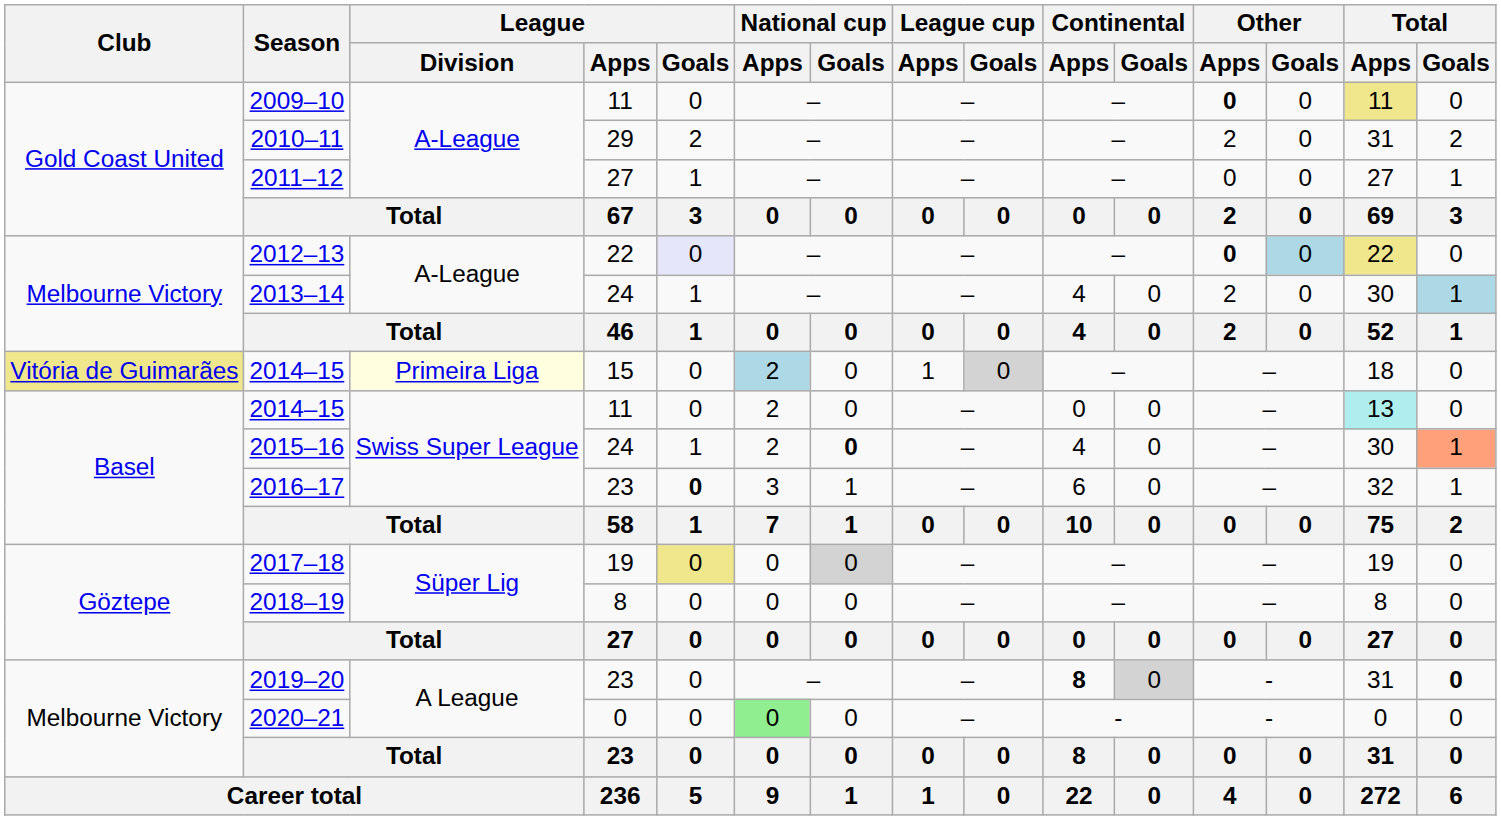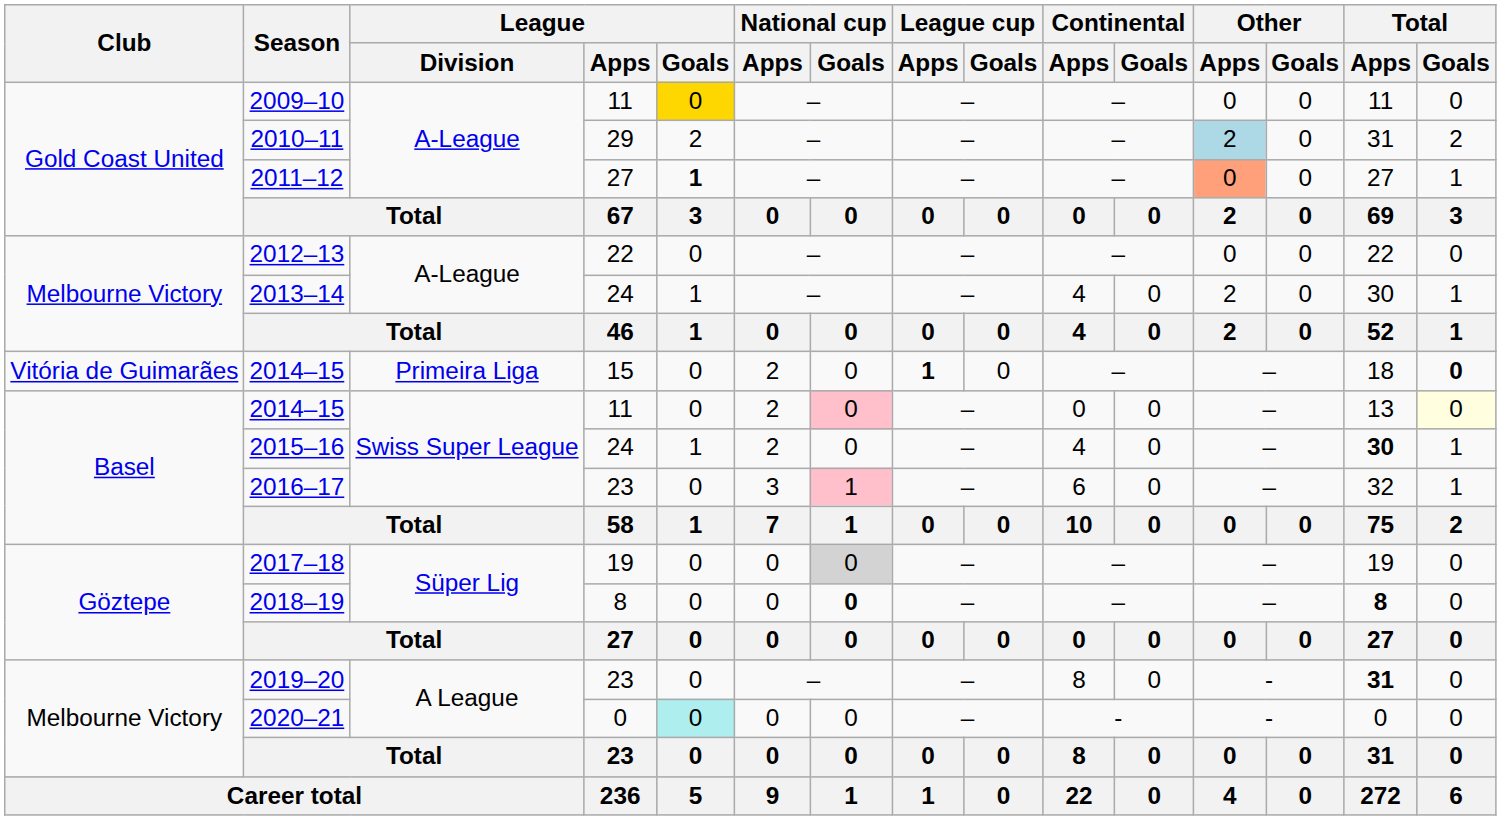 <table class="wikitable" style="text-align: center;">
 <tr>
 <th rowspan="2">Club</th>
 <th rowspan="2">Season</th>
 <th colspan="3">League</th>
 <th colspan="2">National cup</th>
 <th colspan="2">League cup</th>
 <th colspan="2">Continental</th>
 <th colspan="2">Other</th>
 <th colspan="2">Total</th>
 </tr>
 <tr>
 <th>Division</th>
 <th>Apps</th>
 <th>Goals</th>
 <th>Apps</th>
 <th>Goals</th>
 <th>Apps</th>
 <th>Goals</th>
 <th>Apps</th>
 <th>Goals</th>
 <th>Apps</th>
 <th>Goals</th>
 <th>Apps</th>
 <th>Goals</th>
 </tr>
 <tr>
 <td rowspan="4"><a href='#'>Gold Coast United</a></td>
 <td><a href='#'>2009–10</a></td>
 <td rowspan="3"><a href='#'>A-League</a></td>
 <td>11</td>
-<td>0</td>
+<td style="background: gold;">0</td>
 <td colspan="2">–</td>
 <td colspan="2">–</td>
 <td colspan="2">–</td>
-<td><strong>0</strong></td>
 <td>0</td>
-<td style="background: khaki;">11</td>
+<td>0</td>
+<td>11</td>
 <td>0</td>
 </tr>
 <tr>
 <td><a href='#'>2010–11</a></td>
 <td>29</td>
 <td>2</td>
 <td colspan="2">–</td>
 <td colspan="2">–</td>
 <td colspan="2">–</td>
-<td>2</td>
+<td style="background: lightblue;">2</td>
 <td>0</td>
 <td>31</td>
 <td>2</td>
 </tr>
 <tr>
 <td><a href='#'>2011–12</a></td>
 <td>27</td>
-<td>1</td>
+<td><strong>1</strong></td>
 <td colspan="2">–</td>
 <td colspan="2">–</td>
 <td colspan="2">–</td>
-<td>0</td>
+<td style="background: lightsalmon;">0</td>
 <td>0</td>
 <td>27</td>
 <td>1</td>
 </tr>
 <tr>
 <th colspan="2">Total</th>
 <th>67</th>
 <th>3</th>
 <th>0</th>
 <th>0</th>
 <th>0</th>
 <th>0</th>
 <th>0</th>
 <th>0</th>
 <th>2</th>
 <th>0</th>
 <th>69</th>
 <th>3</th>
 </tr>
 <tr>
 <td rowspan="3"><a href='#'>Melbourne Victory</a></td>
 <td><a href='#'>2012–13</a></td>
 <td rowspan="2">A-League</td>
 <td>22</td>
-<td style="background: lavender;">0</td>
+<td>0</td>
 <td colspan="2">–</td>
 <td colspan="2">–</td>
 <td colspan="2">–</td>
-<td><strong>0</strong></td>
-<td style="background: lightblue;">0</td>
-<td style="background: khaki;">22</td>
+<td>0</td>
+<td>0</td>
+<td>22</td>
 <td>0</td>
 </tr>
 <tr>
 <td><a href='#'>2013–14</a></td>
 <td>24</td>
 <td>1</td>
 <td colspan="2">–</td>
 <td colspan="2">–</td>
 <td>4</td>
 <td>0</td>
 <td>2</td>
 <td>0</td>
 <td>30</td>
-<td style="background: lightblue;">1</td>
+<td>1</td>
 </tr>
 <tr>
 <th colspan="2">Total</th>
 <th>46</th>
 <th>1</th>
 <th>0</th>
 <th>0</th>
 <th>0</th>
 <th>0</th>
 <th>4</th>
 <th>0</th>
 <th>2</th>
 <th>0</th>
 <th>52</th>
 <th>1</th>
 </tr>
 <tr>
-<td style="background: khaki;"><a href='#'>Vitória de Guimarães</a></td>
+<td><a href='#'>Vitória de Guimarães</a></td>
 <td><a href='#'>2014–15</a></td>
-<td style="background: lightyellow;"><a href='#'>Primeira Liga</a></td>
+<td><a href='#'>Primeira Liga</a></td>
 <td>15</td>
 <td>0</td>
-<td style="background: lightblue;">2</td>
+<td>2</td>
 <td>0</td>
-<td>1</td>
-<td style="background: lightgrey;">0</td>
+<td><strong>1</strong></td>
+<td>0</td>
 <td colspan="2">–</td>
 <td colspan="2">–</td>
 <td>18</td>
-<td>0</td>
+<td><strong>0</strong></td>
 </tr>
 <tr>
 <td rowspan="4"><a href='#'>Basel</a></td>
 <td><a href='#'>2014–15</a></td>
 <td rowspan="3"><a href='#'>Swiss Super League</a></td>
 <td>11</td>
 <td>0</td>
 <td>2</td>
-<td>0</td>
+<td style="background: pink;">0</td>
 <td colspan="2">–</td>
 <td>0</td>
 <td>0</td>
 <td colspan="2">–</td>
-<td style="background: paleturquoise;">13</td>
-<td>0</td>
+<td>13</td>
+<td style="background: lightyellow;">0</td>
 </tr>
 <tr>
 <td><a href='#'>2015–16</a></td>
 <td>24</td>
 <td>1</td>
 <td>2</td>
-<td><strong>0</strong></td>
+<td>0</td>
 <td colspan="2">–</td>
 <td>4</td>
 <td>0</td>
 <td colspan="2">–</td>
-<td>30</td>
-<td style="background: lightsalmon;">1</td>
+<td><strong>30</strong></td>
+<td>1</td>
 </tr>
 <tr>
 <td><a href='#'>2016–17</a></td>
 <td>23</td>
-<td><strong>0</strong></td>
+<td>0</td>
 <td>3</td>
-<td>1</td>
+<td style="background: pink;">1</td>
 <td colspan="2">–</td>
 <td>6</td>
 <td>0</td>
 <td colspan="2">–</td>
 <td>32</td>
 <td>1</td>
 </tr>
 <tr>
 <th colspan="2">Total</th>
 <th>58</th>
 <th>1</th>
 <th>7</th>
 <th>1</th>
 <th>0</th>
 <th>0</th>
 <th>10</th>
 <th>0</th>
 <th>0</th>
 <th>0</th>
 <th>75</th>
 <th>2</th>
 </tr>
 <tr>
 <td rowspan="3"><a href='#'>Göztepe</a></td>
 <td><a href='#'>2017–18</a></td>
 <td rowspan="2"><a href='#'>Süper Lig</a></td>
 <td>19</td>
-<td style="background: khaki;">0</td>
+<td>0</td>
 <td>0</td>
 <td style="background: lightgrey;">0</td>
 <td colspan="2">–</td>
 <td colspan="2">–</td>
 <td colspan="2">–</td>
 <td>19</td>
 <td>0</td>
 </tr>
 <tr>
 <td><a href='#'>2018–19</a></td>
 <td>8</td>
 <td>0</td>
 <td>0</td>
-<td>0</td>
+<td><strong>0</strong></td>
 <td colspan="2">–</td>
 <td colspan="2">–</td>
 <td colspan="2">–</td>
-<td>8</td>
+<td><strong>8</strong></td>
 <td>0</td>
 </tr>
 <tr>
 <th colspan="2">Total</th>
 <th>27</th>
 <th>0</th>
 <th>0</th>
 <th>0</th>
 <th>0</th>
 <th>0</th>
 <th>0</th>
 <th>0</th>
 <th>0</th>
 <th>0</th>
 <th>27</th>
 <th>0</th>
 </tr>
 <tr>
 <td rowspan="3">Melbourne Victory</td>
 <td><a href='#'>2019–20</a></td>
 <td rowspan="2">A League</td>
 <td>23</td>
 <td>0</td>
 <td colspan="2">–</td>
 <td colspan="2">–</td>
-<td><strong>8</strong></td>
-<td style="background: lightgrey;">0</td>
+<td>8</td>
+<td>0</td>
 <td colspan="2">-</td>
-<td>31</td>
-<td><strong>0</strong></td>
+<td><strong>31</strong></td>
+<td>0</td>
 </tr>
 <tr>
 <td><a href='#'>2020–21</a></td>
 <td>0</td>
+<td style="background: paleturquoise;">0</td>
 <td>0</td>
-<td style="background: lightgreen;">0</td>
 <td>0</td>
 <td colspan="2">–</td>
 <td colspan="2">-</td>
 <td colspan="2">-</td>
 <td>0</td>
 <td>0</td>
 </tr>
 <tr>
 <th colspan="2">Total</th>
 <th>23</th>
 <th>0</th>
 <th>0</th>
 <th>0</th>
 <th>0</th>
 <th>0</th>
 <th>8</th>
 <th>0</th>
 <th>0</th>
 <th>0</th>
 <th>31</th>
 <th>0</th>
 </tr>
 <tr>
 <th colspan="3">Career total</th>
 <th>236</th>
 <th>5</th>
 <th>9</th>
 <th>1</th>
 <th>1</th>
 <th>0</th>
 <th>22</th>
 <th>0</th>
 <th>4</th>
 <th>0</th>
 <th>272</th>
 <th>6</th>
 </tr>
 </table>
